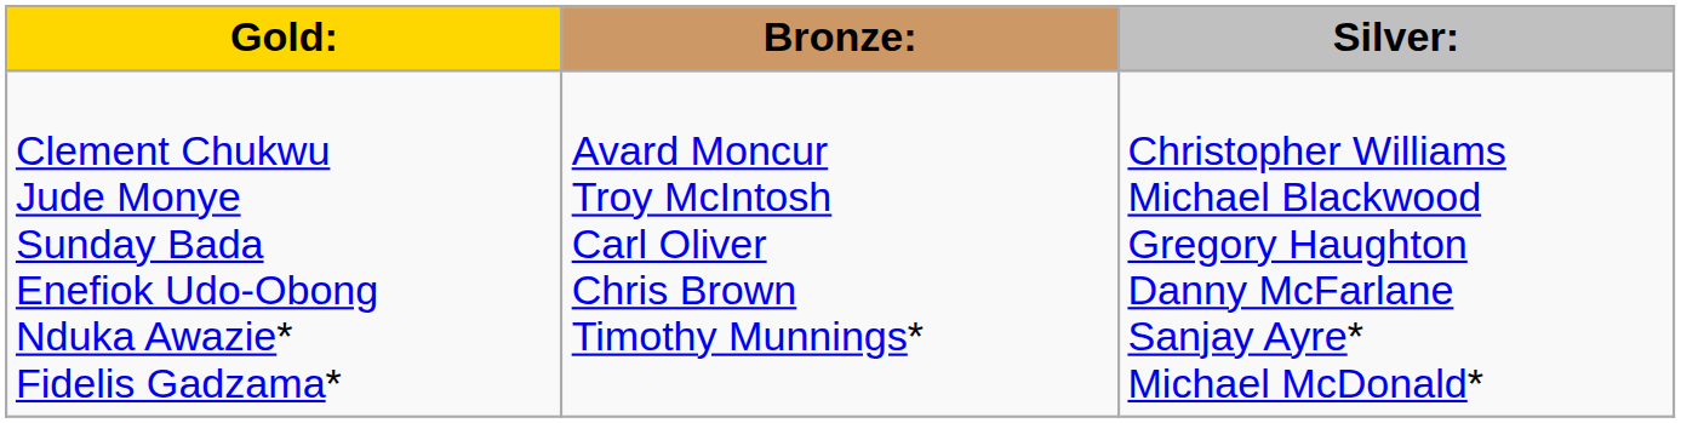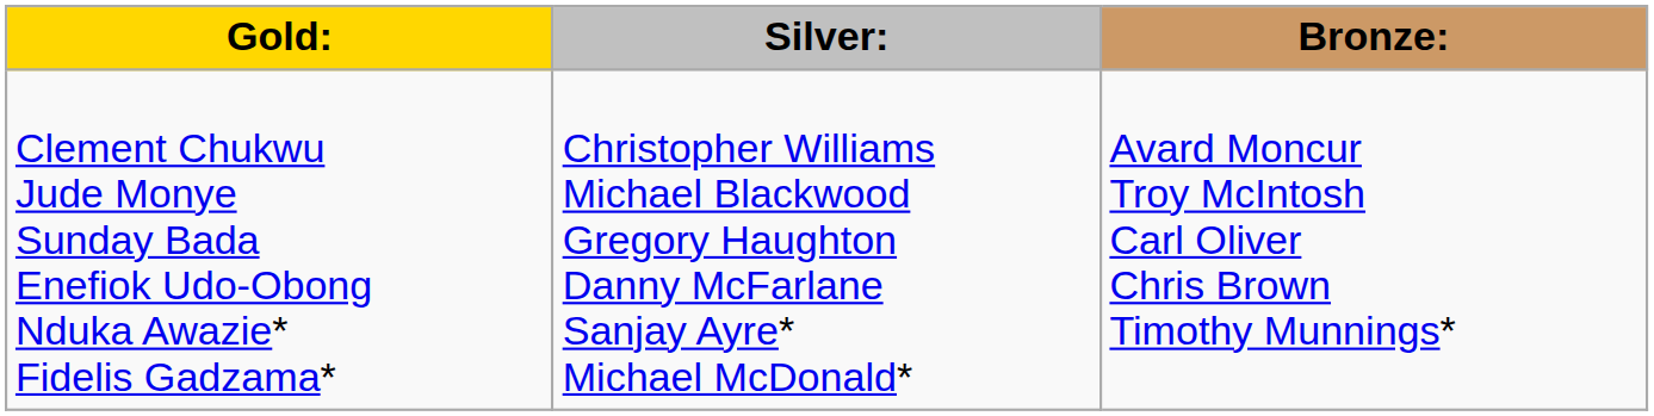 <table class="wikitable">
 <tr>
 <td style="text-align:center;background-color:gold;"><strong>Gold:</strong> </td>
+<td style="text-align:center;background-color:silver;"><strong>Silver:</strong> </td>
 <td style="text-align:center;background-color:#CC9966;"><strong>Bronze:</strong> </td>
-<td style="text-align:center;background-color:silver;"><strong>Silver:</strong> </td>
 </tr>
 <tr>
 <td style="width:13em" valign=top><br><a href='#'>Clement Chukwu</a><br><a href='#'>Jude Monye</a><br><a href='#'>Sunday Bada</a><br><a href='#'>Enefiok Udo-Obong</a><br><a href='#'>Nduka Awazie</a>*<br><a href='#'>Fidelis Gadzama</a>*</td>
+<td style="width:13em" valign=top><br><a href='#'>Christopher Williams</a><br><a href='#'>Michael Blackwood</a><br><a href='#'>Gregory Haughton</a><br><a href='#'>Danny McFarlane</a><br><a href='#'>Sanjay Ayre</a>*<br><a href='#'>Michael McDonald</a>*</td>
 <td style="width:13em" valign=top> <br> <a href='#'>Avard Moncur</a><br> <a href='#'>Troy McIntosh</a> <br> <a href='#'>Carl Oliver</a><br> <a href='#'>Chris Brown</a> <br> <a href='#'>Timothy Munnings</a>*</td>
-<td style="width:13em" valign=top><br><a href='#'>Christopher Williams</a><br><a href='#'>Michael Blackwood</a><br><a href='#'>Gregory Haughton</a><br><a href='#'>Danny McFarlane</a><br><a href='#'>Sanjay Ayre</a>*<br><a href='#'>Michael McDonald</a>*</td>
 </tr>
 </table>
